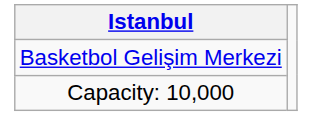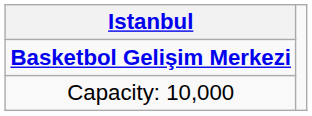 <table class="wikitable" style="margin:1em auto; text-align:center">
 <tr>
 <th><a href='#'>Istanbul</a></th>
 <td rowspan=3></td>
 </tr>
 <tr>
-<td><a href='#'>Basketbol Gelişim Merkezi</a></td>
+<td><strong><a href='#'>Basketbol Gelişim Merkezi</a></strong></td>
 </tr>
 <tr>
 <td>Capacity: 10,000</td>
 </tr>
 </table>
